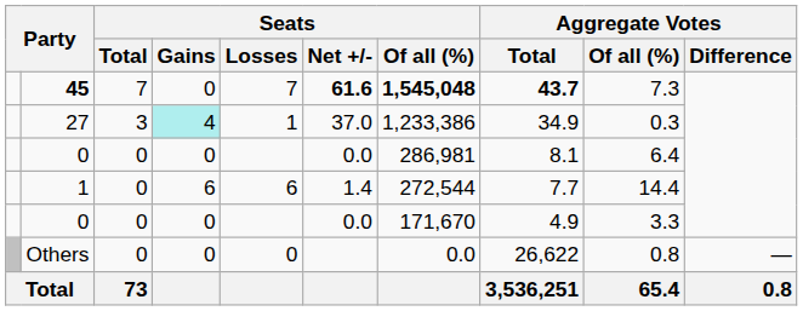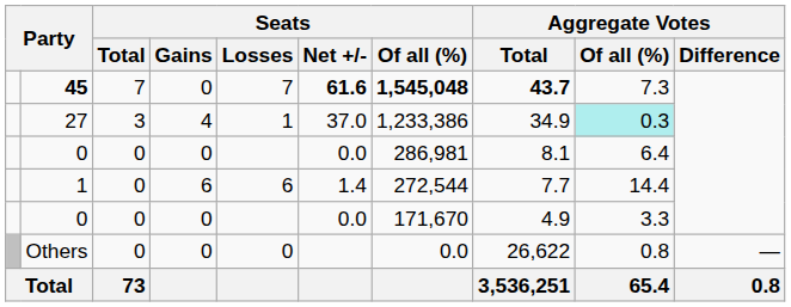 <table class="wikitable sortable" style="text-align:right; font-size:95%;">
 <tr>
 <th colspan="2" rowspan="2">Party</th>
 <th colspan="5">Seats</th>
 <th colspan="3">Aggregate Votes</th>
 </tr>
 <tr>
 <th>Total</th>
 <th>Gains</th>
 <th>Losses</th>
 <th>Net +/-</th>
 <th>Of all (%)</th>
 <th>Total</th>
 <th>Of all (%)</th>
 <th>Difference</th>
 </tr>
 <tr>
 <td></td>
 <td><strong>45</strong></td>
 <td>7</td>
 <td>0</td>
 <td>7</td>
 <td><strong>61.6</strong></td>
 <td><strong>1,545,048</strong></td>
 <td><strong>43.7</strong></td>
 <td>7.3</td>
 </tr>
 <tr>
 <td></td>
 <td>27</td>
 <td>3</td>
-<td style="background: paleturquoise;">4</td>
+<td>4</td>
 <td>1</td>
 <td>37.0</td>
 <td>1,233,386</td>
 <td>34.9</td>
-<td>0.3</td>
+<td style="background: paleturquoise;">0.3</td>
 </tr>
 <tr>
 <td></td>
 <td>0</td>
 <td>0</td>
 <td>0</td>
 <td></td>
 <td>0.0</td>
 <td>286,981</td>
 <td>8.1</td>
 <td>6.4</td>
 </tr>
 <tr>
 <td></td>
 <td>1</td>
 <td>0</td>
 <td>6</td>
 <td>6</td>
 <td>1.4</td>
 <td>272,544</td>
 <td>7.7</td>
 <td>14.4</td>
 </tr>
 <tr>
 <td></td>
 <td>0</td>
 <td>0</td>
 <td>0</td>
 <td></td>
 <td>0.0</td>
 <td>171,670</td>
 <td>4.9</td>
 <td>3.3</td>
 </tr>
 <tr>
 <td style="background:silver;"> </td>
 <td align=left>Others</td>
 <td>0</td>
 <td>0</td>
 <td>0</td>
 <td></td>
 <td>0.0</td>
 <td>26,622</td>
 <td>0.8</td>
 <td>—</td>
 </tr>
 <tr class="sortbottom">
 <th colspan="2" style="background:#f2f2f2"><strong>Total</strong></th>
 <td style="background:#f2f2f2;"><strong>73</strong></td>
 <td style="background:#f2f2f2;"></td>
 <td style="background:#f2f2f2;"></td>
 <td style="background:#f2f2f2;"></td>
 <td style="background:#f2f2f2;"></td>
 <td style="background:#f2f2f2;"><strong>3,536,251</strong></td>
 <td style="background:#f2f2f2;"><strong>65.4</strong></td>
 <td style="background:#f2f2f2;"><strong>0.8</strong></td>
 </tr>
 </table>
